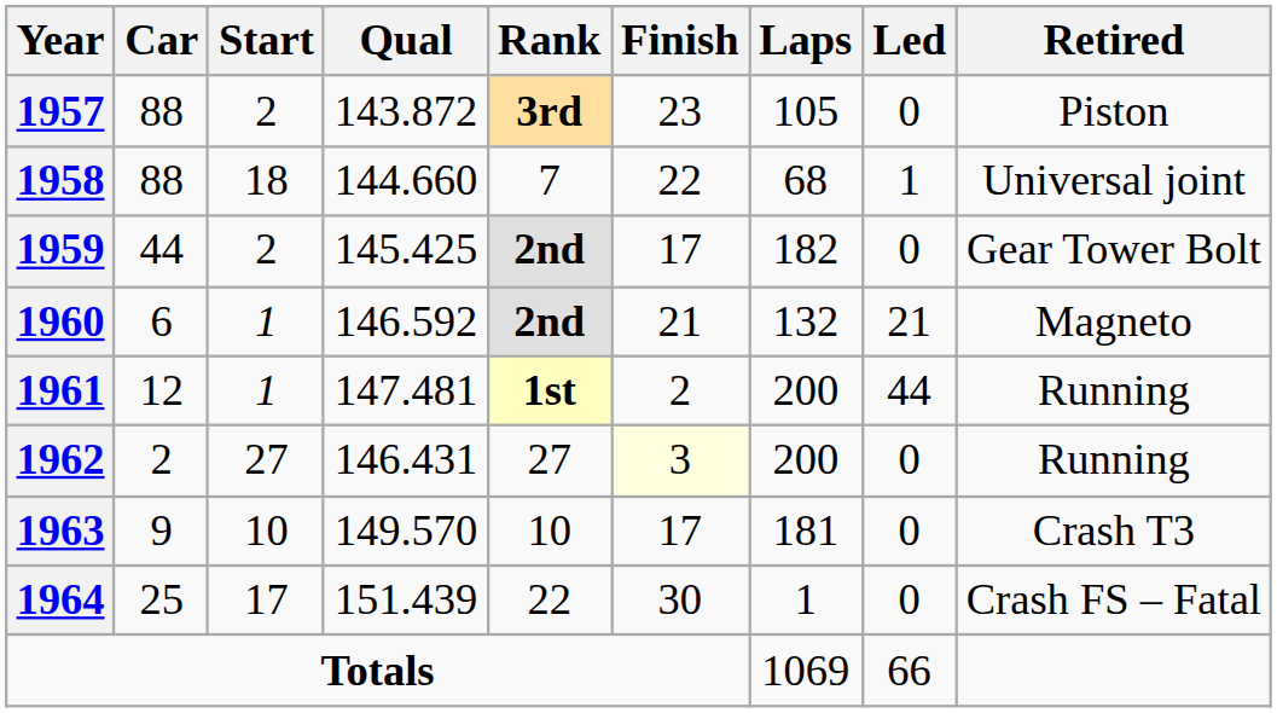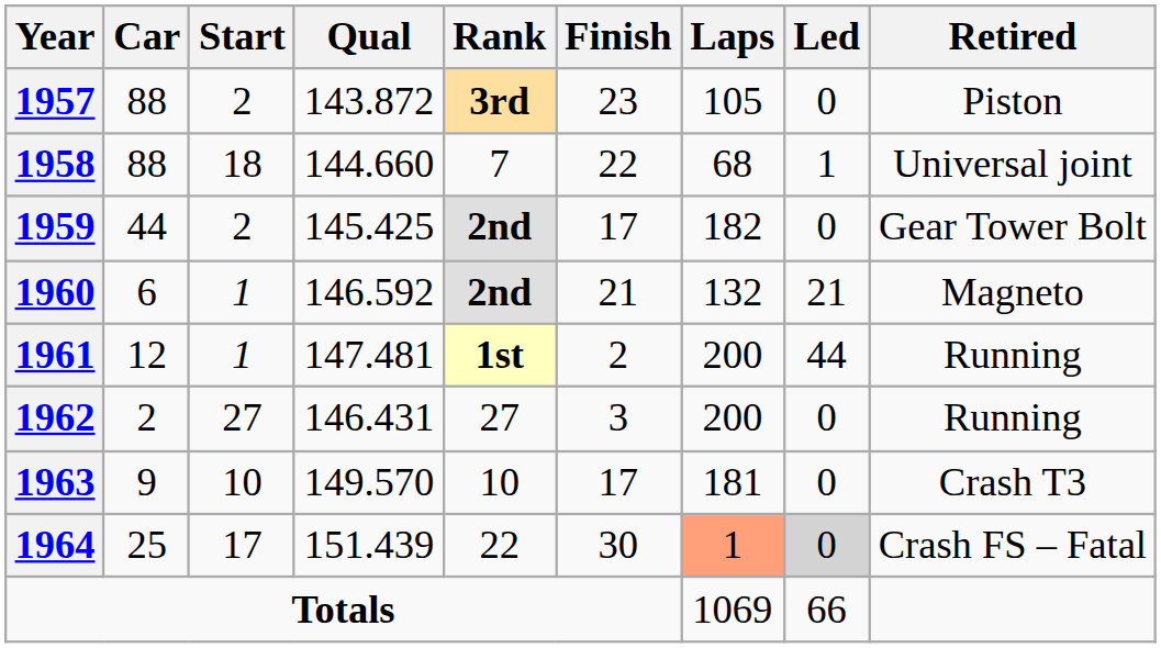 <table class="wikitable" style="text-align:center">
 <tr>
 <th>Year</th>
 <th>Car</th>
 <th>Start</th>
 <th>Qual</th>
 <th>Rank</th>
 <th>Finish</th>
 <th>Laps</th>
 <th>Led</th>
 <th>Retired</th>
 </tr>
 <tr>
 <th><a href='#'>1957</a></th>
 <td>88</td>
 <td>2</td>
 <td>143.872</td>
 <td style="background:#ffdf9f;"><strong>3rd</strong></td>
 <td>23</td>
 <td>105</td>
 <td>0</td>
 <td>Piston</td>
 </tr>
 <tr>
 <th><a href='#'>1958</a></th>
 <td>88</td>
 <td>18</td>
 <td>144.660</td>
 <td>7</td>
 <td>22</td>
 <td>68</td>
 <td>1</td>
 <td>Universal joint</td>
 </tr>
 <tr>
 <th><a href='#'>1959</a></th>
 <td>44</td>
 <td>2</td>
 <td>145.425</td>
 <td style="background:#dfdfdf;"><strong>2nd</strong></td>
 <td>17</td>
 <td>182</td>
 <td>0</td>
 <td>Gear Tower Bolt</td>
 </tr>
 <tr>
 <th><a href='#'>1960</a></th>
 <td>6</td>
 <td><em>1</em></td>
 <td>146.592</td>
 <td style="background:#dfdfdf;"><strong>2nd</strong></td>
 <td>21</td>
 <td>132</td>
 <td>21</td>
 <td>Magneto</td>
 </tr>
 <tr>
 <th><a href='#'>1961</a></th>
 <td>12</td>
 <td><em>1</em></td>
 <td>147.481</td>
 <td style="background:#ffffbf;"><strong>1st</strong></td>
 <td>2</td>
 <td>200</td>
 <td>44</td>
 <td>Running</td>
 </tr>
 <tr>
 <th><a href='#'>1962</a></th>
 <td>2</td>
 <td>27</td>
 <td>146.431</td>
 <td>27</td>
-<td style="background: lightyellow;">3</td>
+<td>3</td>
 <td>200</td>
 <td>0</td>
 <td>Running</td>
 </tr>
 <tr>
 <th><a href='#'>1963</a></th>
 <td>9</td>
 <td>10</td>
 <td>149.570</td>
 <td>10</td>
 <td>17</td>
 <td>181</td>
 <td>0</td>
 <td>Crash T3</td>
 </tr>
 <tr>
 <th><a href='#'>1964</a></th>
 <td>25</td>
 <td>17</td>
 <td>151.439</td>
 <td>22</td>
 <td>30</td>
-<td>1</td>
-<td>0</td>
+<td style="background: lightsalmon;">1</td>
+<td style="background: lightgrey;">0</td>
 <td>Crash FS – Fatal</td>
 </tr>
 <tr>
 <td colspan=6><strong>Totals</strong></td>
 <td>1069</td>
 <td>66</td>
 <td></td>
 </tr>
 </table>
